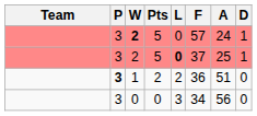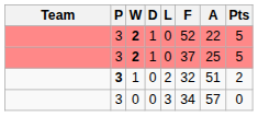 <table class="wikitable" style="text-align:center;">
 <tr>
 <th width="120px">Team</th>
 <th>P</th>
 <th>W</th>
-<th width="23px">Pts</th>
+<th>D</th>
 <th>L</th>
 <th width="23px">F</th>
 <th width="23px">A</th>
-<th>D</th>
+<th width="23px">Pts</th>
 </tr>
 <tr bgcolor="#FF8888">
 <td></td>
 <td>3</td>
 <td><strong>2</strong></td>
+<td>1</td>
+<td>0</td>
+<td>52</td>
+<td>22</td>
 <td>5</td>
-<td>0</td>
-<td>57</td>
-<td>24</td>
-<td>1</td>
 </tr>
 <tr bgcolor="#FF8888">
 <td></td>
 <td>3</td>
-<td>2</td>
-<td>5</td>
-<td><strong>0</strong></td>
+<td><strong>2</strong></td>
+<td>1</td>
+<td>0</td>
 <td>37</td>
 <td>25</td>
-<td>1</td>
+<td>5</td>
 </tr>
 <tr>
 <td></td>
 <td><strong>3</strong></td>
 <td>1</td>
+<td>0</td>
 <td>2</td>
+<td>32</td>
+<td>51</td>
 <td>2</td>
-<td>36</td>
-<td>51</td>
-<td>0</td>
 </tr>
 <tr>
 <td></td>
 <td>3</td>
 <td>0</td>
 <td>0</td>
 <td>3</td>
 <td>34</td>
-<td>56</td>
+<td>57</td>
 <td>0</td>
 </tr>
 </table>
